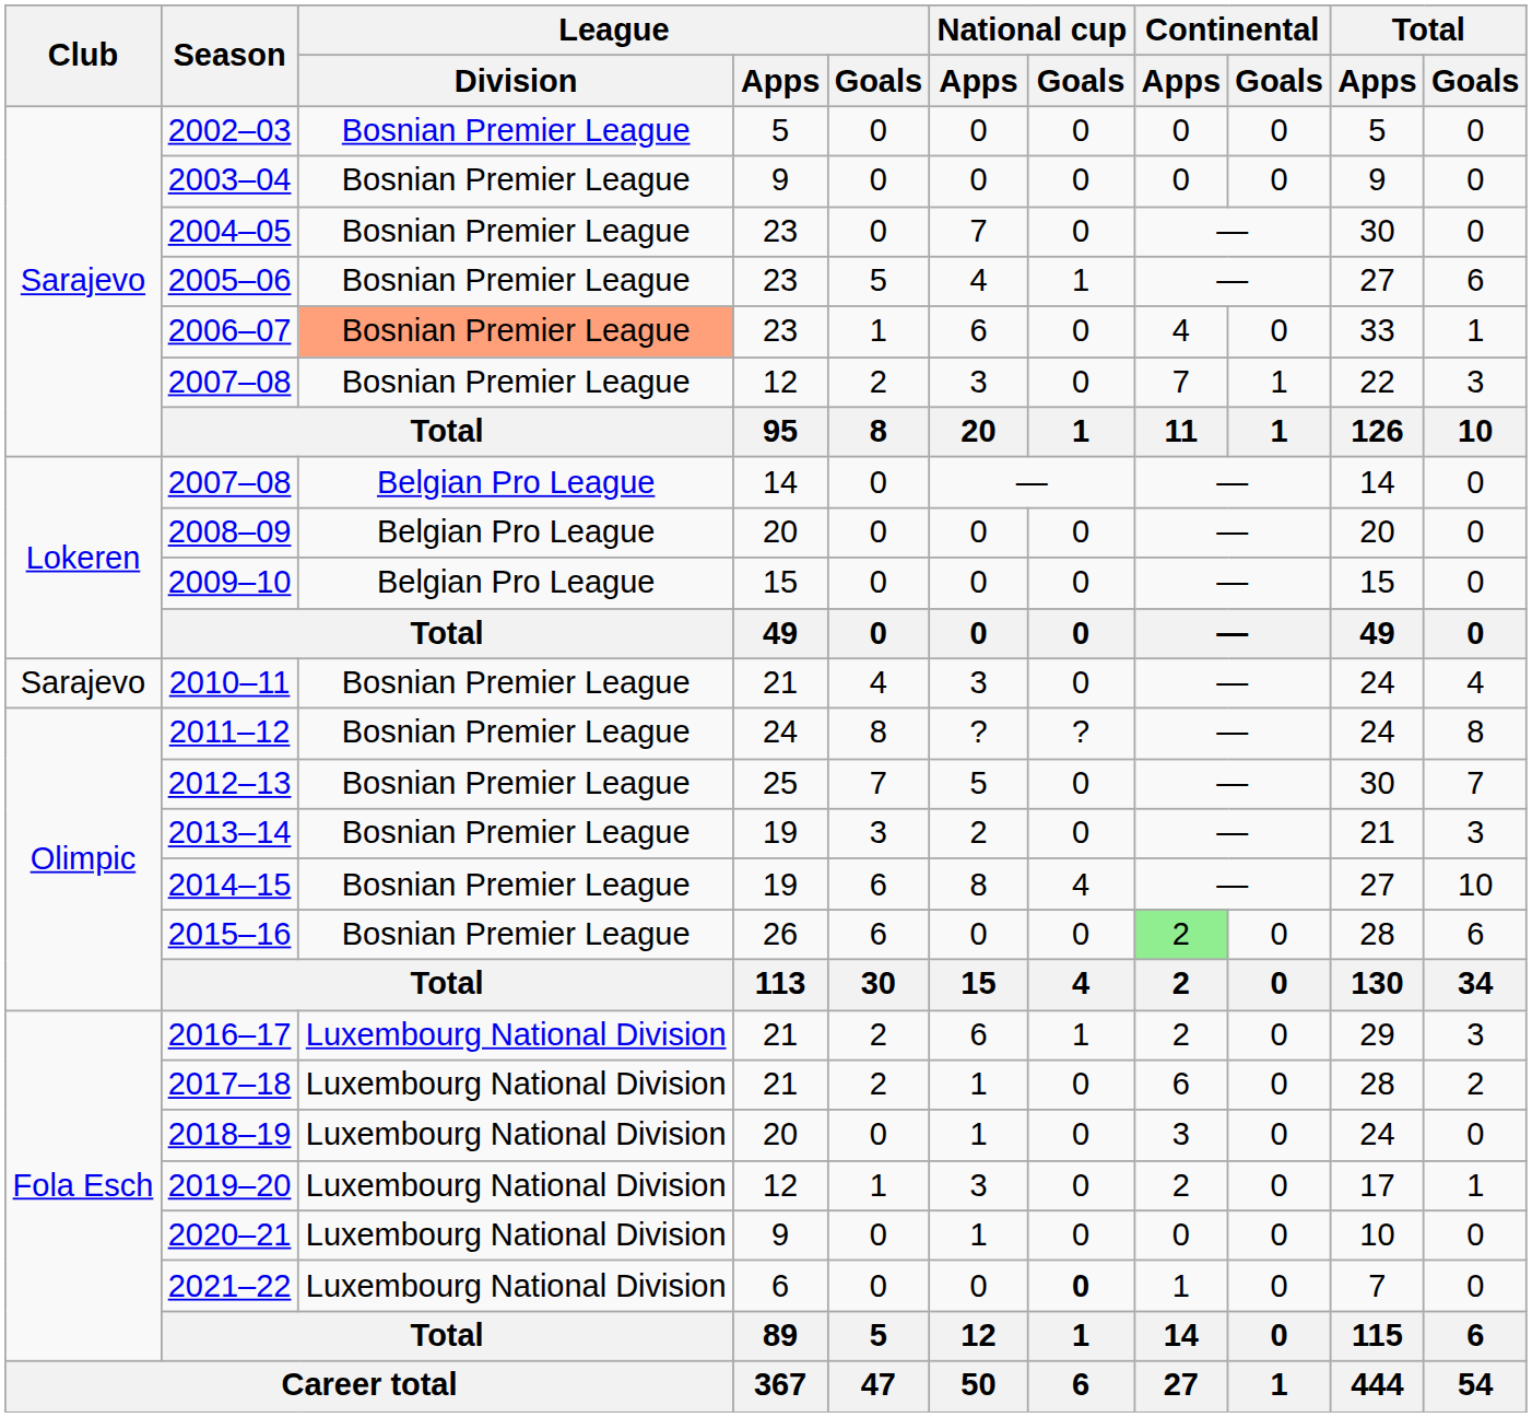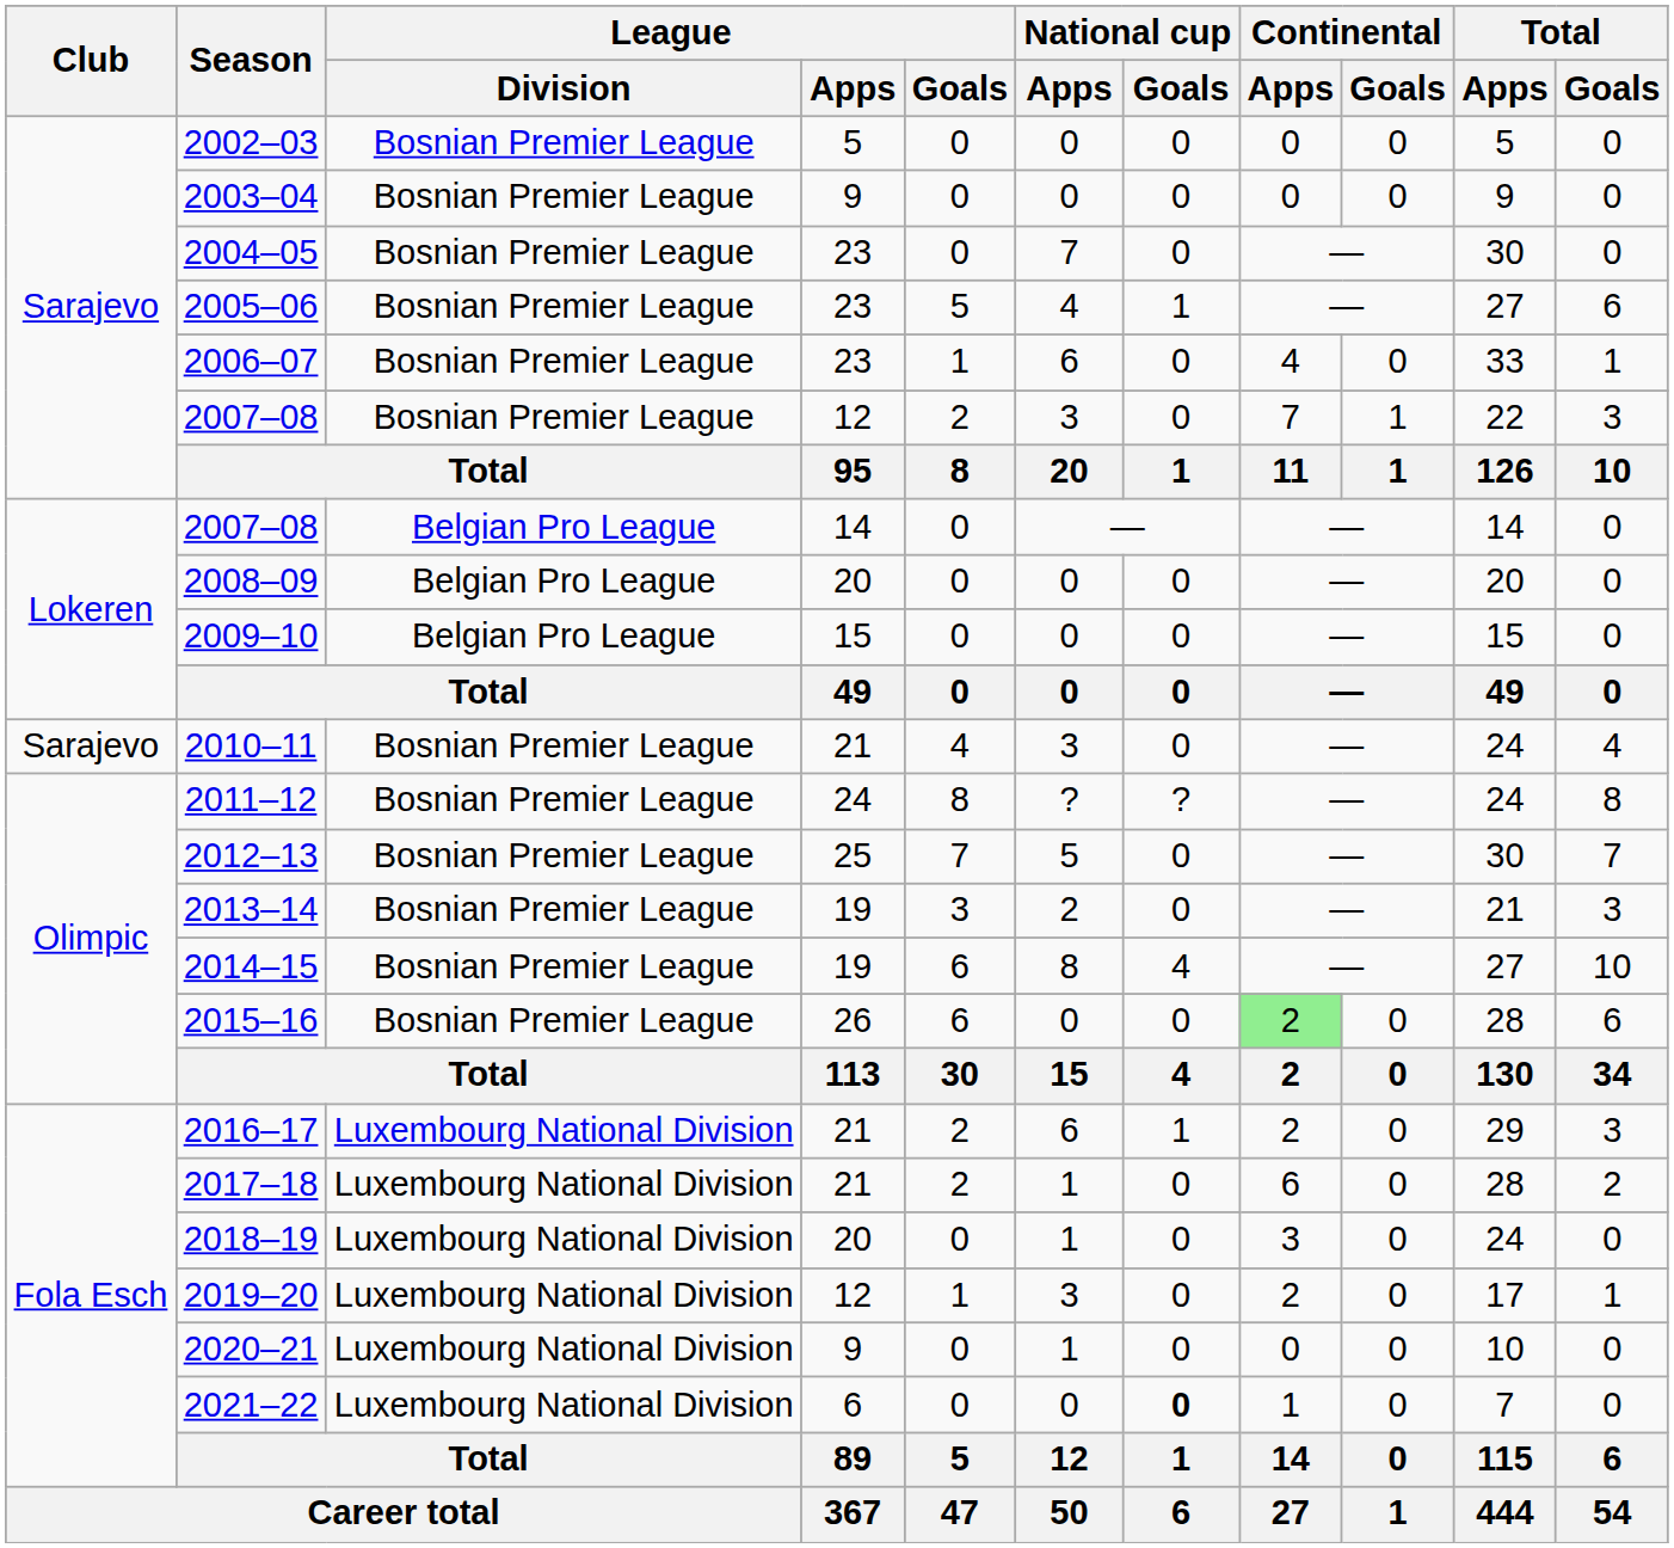 <table class="wikitable" style="text-align:center">
 <tr>
 <th rowspan=2>Club</th>
 <th rowspan=2>Season</th>
 <th colspan=3>League</th>
 <th colspan=2>National cup</th>
 <th colspan=2>Continental</th>
 <th colspan=2>Total</th>
 </tr>
 <tr>
 <th>Division</th>
 <th>Apps</th>
 <th>Goals</th>
 <th>Apps</th>
 <th>Goals</th>
 <th>Apps</th>
 <th>Goals</th>
 <th>Apps</th>
 <th>Goals</th>
 </tr>
 <tr>
 <td rowspan=7><a href='#'>Sarajevo</a></td>
 <td><a href='#'>2002–03</a></td>
 <td><a href='#'>Bosnian Premier League</a></td>
 <td>5</td>
 <td>0</td>
 <td>0</td>
 <td>0</td>
 <td>0</td>
 <td>0</td>
 <td>5</td>
 <td>0</td>
 </tr>
 <tr>
 <td><a href='#'>2003–04</a></td>
 <td>Bosnian Premier League</td>
 <td>9</td>
 <td>0</td>
 <td>0</td>
 <td>0</td>
 <td>0</td>
 <td>0</td>
 <td>9</td>
 <td>0</td>
 </tr>
 <tr>
 <td><a href='#'>2004–05</a></td>
 <td>Bosnian Premier League</td>
 <td>23</td>
 <td>0</td>
 <td>7</td>
 <td>0</td>
 <td colspan=2>—</td>
 <td>30</td>
 <td>0</td>
 </tr>
 <tr>
 <td><a href='#'>2005–06</a></td>
 <td>Bosnian Premier League</td>
 <td>23</td>
 <td>5</td>
 <td>4</td>
 <td>1</td>
 <td colspan=2>—</td>
 <td>27</td>
 <td>6</td>
 </tr>
 <tr>
 <td><a href='#'>2006–07</a></td>
-<td style="background: lightsalmon;">Bosnian Premier League</td>
+<td>Bosnian Premier League</td>
 <td>23</td>
 <td>1</td>
 <td>6</td>
 <td>0</td>
 <td>4</td>
 <td>0</td>
 <td>33</td>
 <td>1</td>
 </tr>
 <tr>
 <td><a href='#'>2007–08</a></td>
 <td>Bosnian Premier League</td>
 <td>12</td>
 <td>2</td>
 <td>3</td>
 <td>0</td>
 <td>7</td>
 <td>1</td>
 <td>22</td>
 <td>3</td>
 </tr>
 <tr>
 <th colspan=2>Total</th>
 <th>95</th>
 <th>8</th>
 <th>20</th>
 <th>1</th>
 <th>11</th>
 <th>1</th>
 <th>126</th>
 <th>10</th>
 </tr>
 <tr>
 <td rowspan=4><a href='#'>Lokeren</a></td>
 <td><a href='#'>2007–08</a></td>
 <td><a href='#'>Belgian Pro League</a></td>
 <td>14</td>
 <td>0</td>
 <td colspan=2>—</td>
 <td colspan=2>—</td>
 <td>14</td>
 <td>0</td>
 </tr>
 <tr>
 <td><a href='#'>2008–09</a></td>
 <td>Belgian Pro League</td>
 <td>20</td>
 <td>0</td>
 <td>0</td>
 <td>0</td>
 <td colspan=2>—</td>
 <td>20</td>
 <td>0</td>
 </tr>
 <tr>
 <td><a href='#'>2009–10</a></td>
 <td>Belgian Pro League</td>
 <td>15</td>
 <td>0</td>
 <td>0</td>
 <td>0</td>
 <td colspan=2>—</td>
 <td>15</td>
 <td>0</td>
 </tr>
 <tr>
 <th colspan=2>Total</th>
 <th>49</th>
 <th>0</th>
 <th>0</th>
 <th>0</th>
 <th colspan=2>—</th>
 <th>49</th>
 <th>0</th>
 </tr>
 <tr>
 <td>Sarajevo</td>
 <td><a href='#'>2010–11</a></td>
 <td>Bosnian Premier League</td>
 <td>21</td>
 <td>4</td>
 <td>3</td>
 <td>0</td>
 <td colspan=2>—</td>
 <td>24</td>
 <td>4</td>
 </tr>
 <tr>
 <td rowspan=6><a href='#'>Olimpic</a></td>
 <td><a href='#'>2011–12</a></td>
 <td>Bosnian Premier League</td>
 <td>24</td>
 <td>8</td>
 <td>?</td>
 <td>?</td>
 <td colspan=2>—</td>
 <td>24</td>
 <td>8</td>
 </tr>
 <tr>
 <td><a href='#'>2012–13</a></td>
 <td>Bosnian Premier League</td>
 <td>25</td>
 <td>7</td>
 <td>5</td>
 <td>0</td>
 <td colspan=2>—</td>
 <td>30</td>
 <td>7</td>
 </tr>
 <tr>
 <td><a href='#'>2013–14</a></td>
 <td>Bosnian Premier League</td>
 <td>19</td>
 <td>3</td>
 <td>2</td>
 <td>0</td>
 <td colspan=2>—</td>
 <td>21</td>
 <td>3</td>
 </tr>
 <tr>
 <td><a href='#'>2014–15</a></td>
 <td>Bosnian Premier League</td>
 <td>19</td>
 <td>6</td>
 <td>8</td>
 <td>4</td>
 <td colspan=2>—</td>
 <td>27</td>
 <td>10</td>
 </tr>
 <tr>
 <td><a href='#'>2015–16</a></td>
 <td>Bosnian Premier League</td>
 <td>26</td>
 <td>6</td>
 <td>0</td>
 <td>0</td>
 <td style="background: lightgreen;">2</td>
 <td>0</td>
 <td>28</td>
 <td>6</td>
 </tr>
 <tr>
 <th colspan=2>Total</th>
 <th>113</th>
 <th>30</th>
 <th>15</th>
 <th>4</th>
 <th>2</th>
 <th>0</th>
 <th>130</th>
 <th>34</th>
 </tr>
 <tr>
 <td rowspan=7><a href='#'>Fola Esch</a></td>
 <td><a href='#'>2016–17</a></td>
 <td><a href='#'>Luxembourg National Division</a></td>
 <td>21</td>
 <td>2</td>
 <td>6</td>
 <td>1</td>
 <td>2</td>
 <td>0</td>
 <td>29</td>
 <td>3</td>
 </tr>
 <tr>
 <td><a href='#'>2017–18</a></td>
 <td>Luxembourg National Division</td>
 <td>21</td>
 <td>2</td>
 <td>1</td>
 <td>0</td>
 <td>6</td>
 <td>0</td>
 <td>28</td>
 <td>2</td>
 </tr>
 <tr>
 <td><a href='#'>2018–19</a></td>
 <td>Luxembourg National Division</td>
 <td>20</td>
 <td>0</td>
 <td>1</td>
 <td>0</td>
 <td>3</td>
 <td>0</td>
 <td>24</td>
 <td>0</td>
 </tr>
 <tr>
 <td><a href='#'>2019–20</a></td>
 <td>Luxembourg National Division</td>
 <td>12</td>
 <td>1</td>
 <td>3</td>
 <td>0</td>
 <td>2</td>
 <td>0</td>
 <td>17</td>
 <td>1</td>
 </tr>
 <tr>
 <td><a href='#'>2020–21</a></td>
 <td>Luxembourg National Division</td>
 <td>9</td>
 <td>0</td>
 <td>1</td>
 <td>0</td>
 <td>0</td>
 <td>0</td>
 <td>10</td>
 <td>0</td>
 </tr>
 <tr>
 <td><a href='#'>2021–22</a></td>
 <td>Luxembourg National Division</td>
 <td>6</td>
 <td>0</td>
 <td>0</td>
 <td><strong>0</strong></td>
 <td>1</td>
 <td>0</td>
 <td>7</td>
 <td>0</td>
 </tr>
 <tr>
 <th colspan=2>Total</th>
 <th>89</th>
 <th>5</th>
 <th>12</th>
 <th>1</th>
 <th>14</th>
 <th>0</th>
 <th>115</th>
 <th>6</th>
 </tr>
 <tr>
 <th colspan=3>Career total</th>
 <th>367</th>
 <th>47</th>
 <th>50</th>
 <th>6</th>
 <th>27</th>
 <th>1</th>
 <th>444</th>
 <th>54</th>
 </tr>
 </table>
